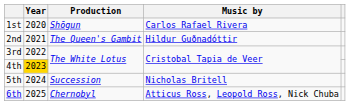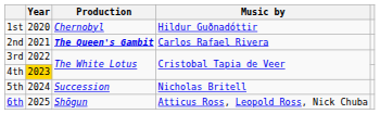 <table class="wikitable">
 <tr>
 <th scope="col"></th>
 <th scope="col">Year</th>
 <th scope="col">Production</th>
 <th scope="col">Music by</th>
 <th scope="col"></th>
 </tr>
 <tr>
 <td scope="row" style="text-align: center;">1st</td>
 <td>2020</td>
-<td><em><a href='#'>Shōgun</a></em></td>
-<td><a href='#'>Carlos Rafael Rivera</a></td>
+<td><em><a href='#'>Chernobyl</a></em></td>
+<td><a href='#'>Hildur Guðnadóttir</a></td>
 <td style="text-align: center;"></td>
 </tr>
 <tr>
 <td scope="row" style="text-align: center;">2nd</td>
 <td>2021</td>
-<td><em><a href='#'>The Queen's Gambit</a></em></td>
-<td><a href='#'>Hildur Guðnadóttir</a></td>
+<td><strong><em><a href='#'>The Queen's Gambit</a></em></strong></td>
+<td><a href='#'>Carlos Rafael Rivera</a></td>
 <td style="text-align: center;"></td>
 </tr>
 <tr>
 <td scope="row" style="text-align: center;">3rd</td>
 <td>2022</td>
 <td rowspan="2"><em><a href='#'>The White Lotus</a></em></td>
 <td rowspan="2"><a href='#'>Cristobal Tapia de Veer</a></td>
 <td style="text-align: center;"></td>
 </tr>
 <tr>
 <td scope="row" style="text-align: center;">4th</td>
 <td style="background: gold;">2023</td>
 <td style="text-align: center;"></td>
 </tr>
 <tr>
 <td scope="row" style="text-align: center;">5th</td>
 <td>2024</td>
 <td><em><a href='#'>Succession</a></em></td>
 <td><a href='#'>Nicholas Britell</a></td>
 <td style="text-align: center;"></td>
 </tr>
 <tr>
 <td scope="row" style="text-align: center;"><a href='#'>6th</a></td>
 <td>2025</td>
-<td><em><a href='#'>Chernobyl</a></em></td>
+<td><em><a href='#'>Shōgun</a></em></td>
 <td><a href='#'>Atticus Ross</a>, <a href='#'>Leopold Ross</a>, Nick Chuba</td>
 <td style="text-align: center;"></td>
 </tr>
 </table>
